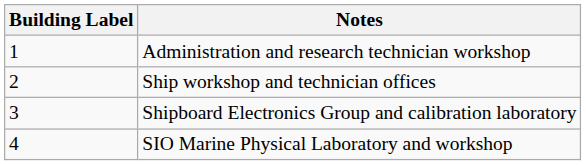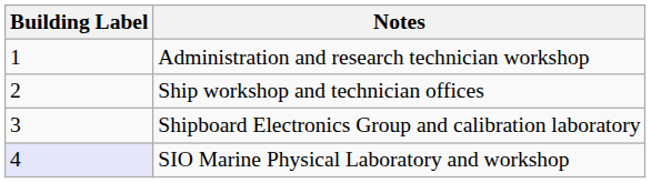 <table class="wikitable">
 <tr>
 <th>Building Label</th>
 <th>Notes</th>
 </tr>
 <tr>
 <td>1</td>
 <td>Administration and research technician workshop</td>
 </tr>
 <tr>
 <td>2</td>
 <td>Ship workshop and technician offices</td>
 </tr>
 <tr>
 <td>3</td>
 <td>Shipboard Electronics Group and calibration laboratory</td>
 </tr>
 <tr>
-<td>4</td>
+<td style="background: lavender;">4</td>
 <td>SIO Marine Physical Laboratory and workshop</td>
 </tr>
 </table>
